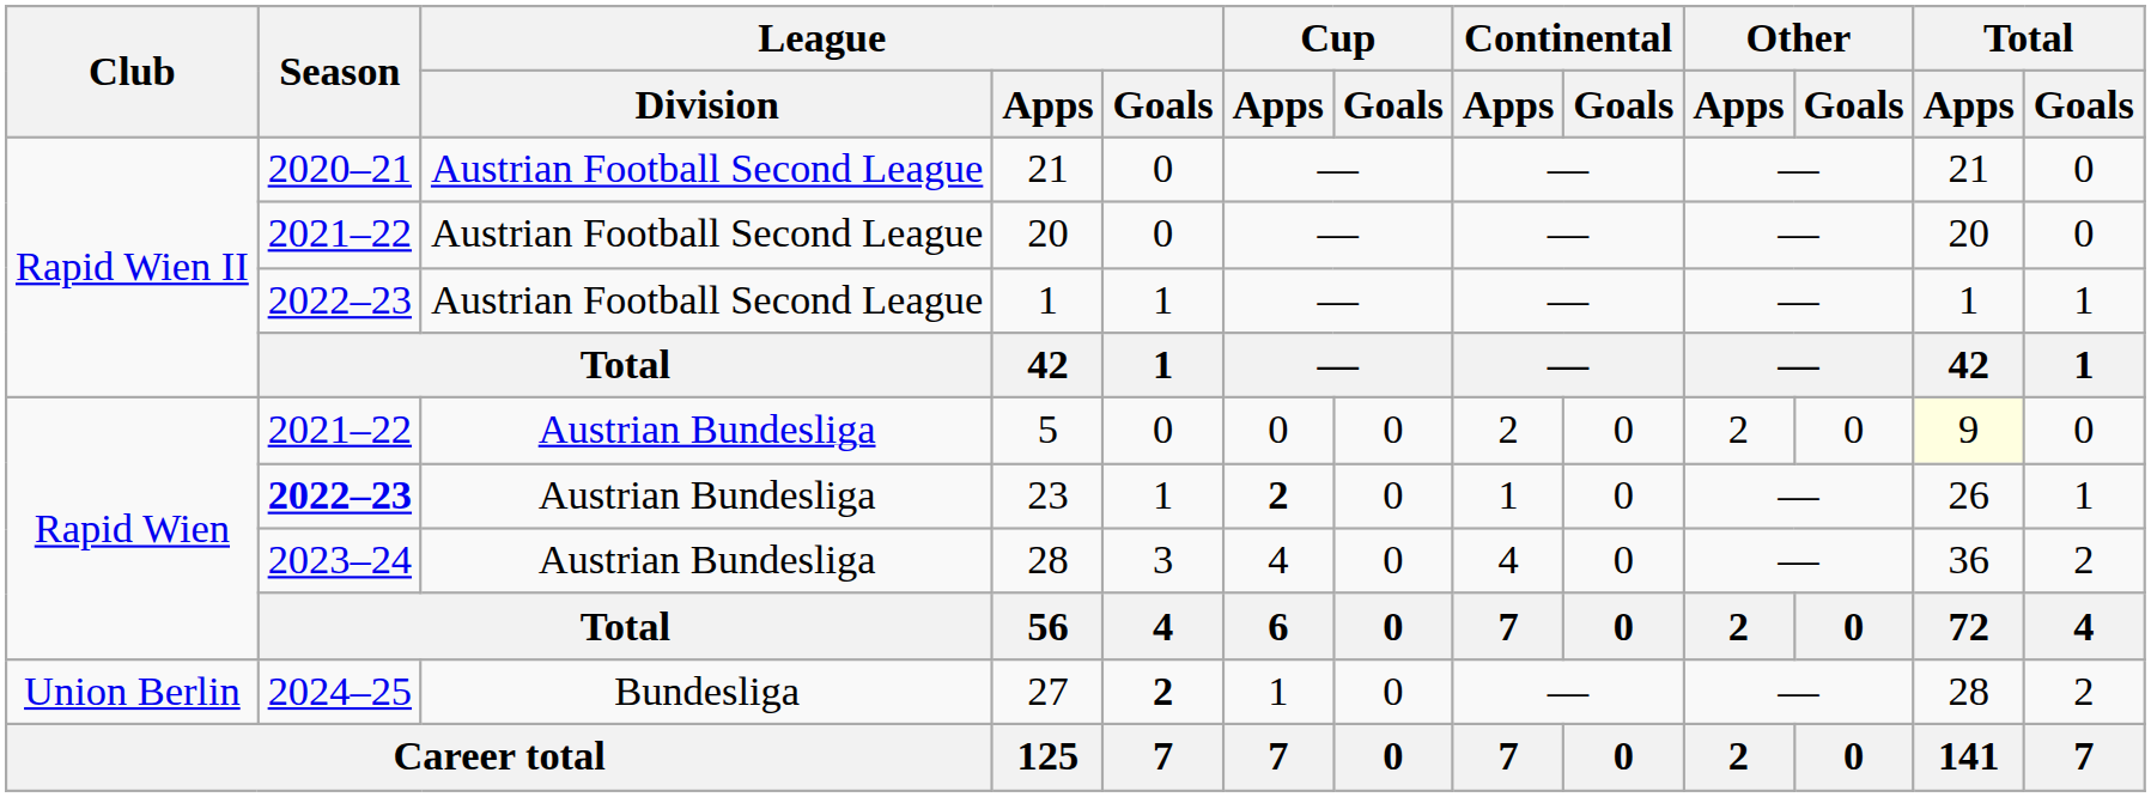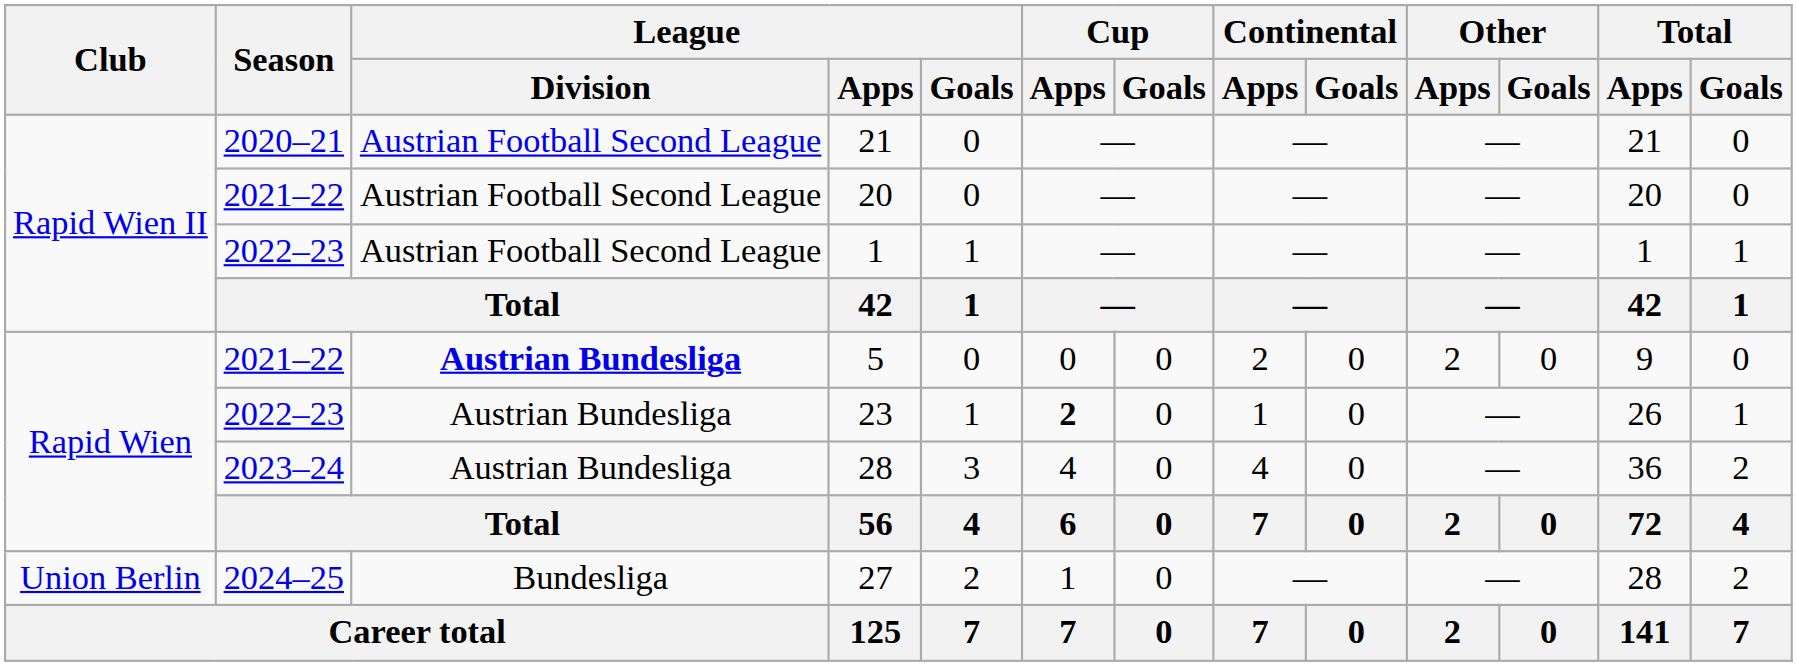 <table class="wikitable" style="text-align: center">
 <tr>
 <th rowspan="2">Club</th>
 <th rowspan="2">Season</th>
 <th colspan="3">League</th>
 <th colspan="2">Cup</th>
 <th colspan="2">Continental</th>
 <th colspan="2">Other</th>
 <th colspan="2">Total</th>
 </tr>
 <tr>
 <th>Division</th>
 <th>Apps</th>
 <th>Goals</th>
 <th>Apps</th>
 <th>Goals</th>
 <th>Apps</th>
 <th>Goals</th>
 <th>Apps</th>
 <th>Goals</th>
 <th>Apps</th>
 <th>Goals</th>
 </tr>
 <tr>
 <td rowspan="4"><a href='#'>Rapid Wien II</a></td>
 <td><a href='#'>2020–21</a></td>
 <td><a href='#'>Austrian Football Second League</a></td>
 <td>21</td>
 <td>0</td>
 <td colspan="2">—</td>
 <td colspan="2">—</td>
 <td colspan="2">—</td>
 <td>21</td>
 <td>0</td>
 </tr>
 <tr>
 <td><a href='#'>2021–22</a></td>
 <td>Austrian Football Second League</td>
 <td>20</td>
 <td>0</td>
 <td colspan="2">—</td>
 <td colspan="2">—</td>
 <td colspan="2">—</td>
 <td>20</td>
 <td>0</td>
 </tr>
 <tr>
 <td><a href='#'>2022–23</a></td>
 <td>Austrian Football Second League</td>
 <td>1</td>
 <td>1</td>
 <td colspan="2">—</td>
 <td colspan="2">—</td>
 <td colspan="2">—</td>
 <td>1</td>
 <td>1</td>
 </tr>
 <tr>
 <th colspan="2">Total</th>
 <th>42</th>
 <th>1</th>
 <th colspan="2">—</th>
 <th colspan="2">—</th>
 <th colspan="2">—</th>
 <th>42</th>
 <th>1</th>
 </tr>
 <tr>
 <td rowspan="4"><a href='#'>Rapid Wien</a></td>
 <td><a href='#'>2021–22</a></td>
-<td><a href='#'>Austrian Bundesliga</a></td>
+<td><strong><a href='#'>Austrian Bundesliga</a></strong></td>
 <td>5</td>
 <td>0</td>
 <td>0</td>
 <td>0</td>
 <td>2</td>
 <td>0</td>
 <td>2</td>
 <td>0</td>
-<td style="background: lightyellow;">9</td>
+<td>9</td>
 <td>0</td>
 </tr>
 <tr>
-<td><strong><a href='#'>2022–23</a></strong></td>
+<td><a href='#'>2022–23</a></td>
 <td>Austrian Bundesliga</td>
 <td>23</td>
 <td>1</td>
 <td><strong>2</strong></td>
 <td>0</td>
 <td>1</td>
 <td>0</td>
 <td colspan="2">—</td>
 <td>26</td>
 <td>1</td>
 </tr>
 <tr>
 <td><a href='#'>2023–24</a></td>
 <td>Austrian Bundesliga</td>
 <td>28</td>
 <td>3</td>
 <td>4</td>
 <td>0</td>
 <td>4</td>
 <td>0</td>
 <td colspan="2">—</td>
 <td>36</td>
 <td>2</td>
 </tr>
 <tr>
 <th colspan="2">Total</th>
 <th>56</th>
 <th>4</th>
 <th>6</th>
 <th>0</th>
 <th>7</th>
 <th>0</th>
 <th>2</th>
 <th>0</th>
 <th>72</th>
 <th>4</th>
 </tr>
 <tr>
 <td><a href='#'>Union Berlin</a></td>
 <td><a href='#'>2024–25</a></td>
 <td>Bundesliga</td>
 <td>27</td>
-<td><strong>2</strong></td>
+<td>2</td>
 <td>1</td>
 <td>0</td>
 <td colspan="2">—</td>
 <td colspan="2">—</td>
 <td>28</td>
 <td>2</td>
 </tr>
 <tr>
 <th colspan="3">Career total</th>
 <th>125</th>
 <th>7</th>
 <th>7</th>
 <th>0</th>
 <th>7</th>
 <th>0</th>
 <th>2</th>
 <th>0</th>
 <th>141</th>
 <th>7</th>
 </tr>
 </table>
